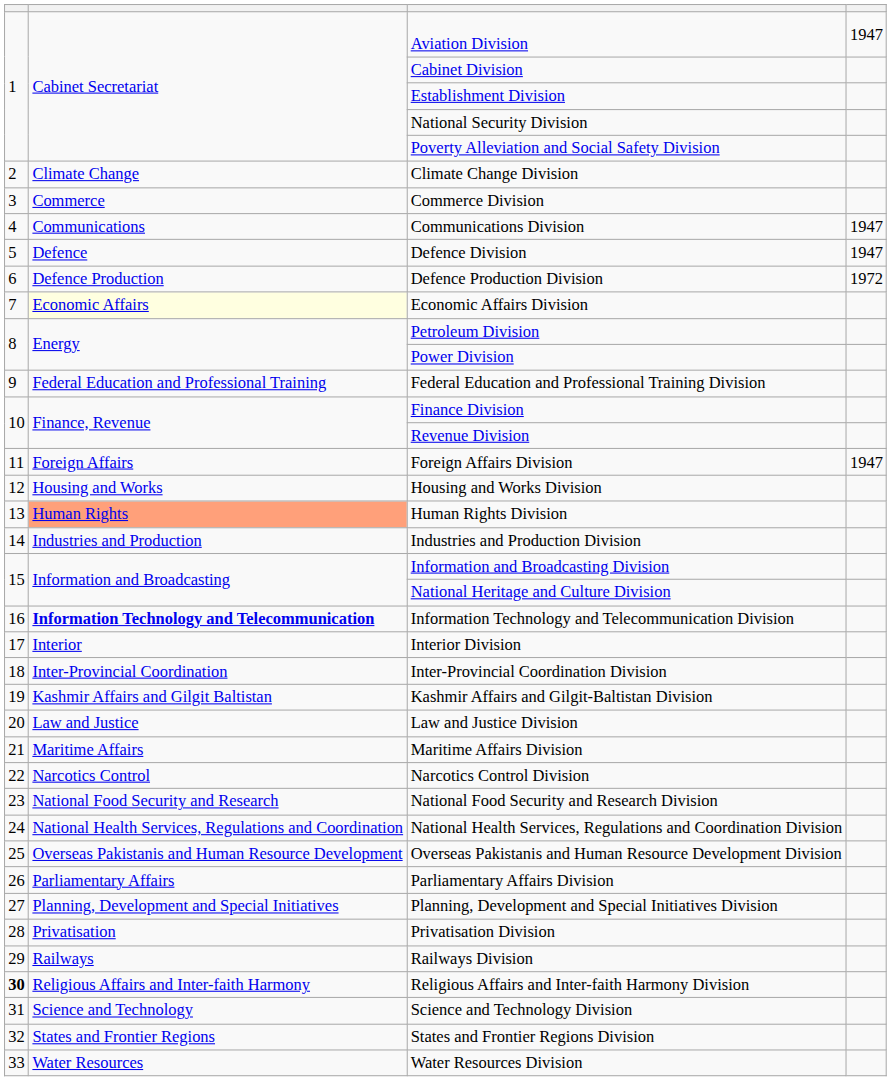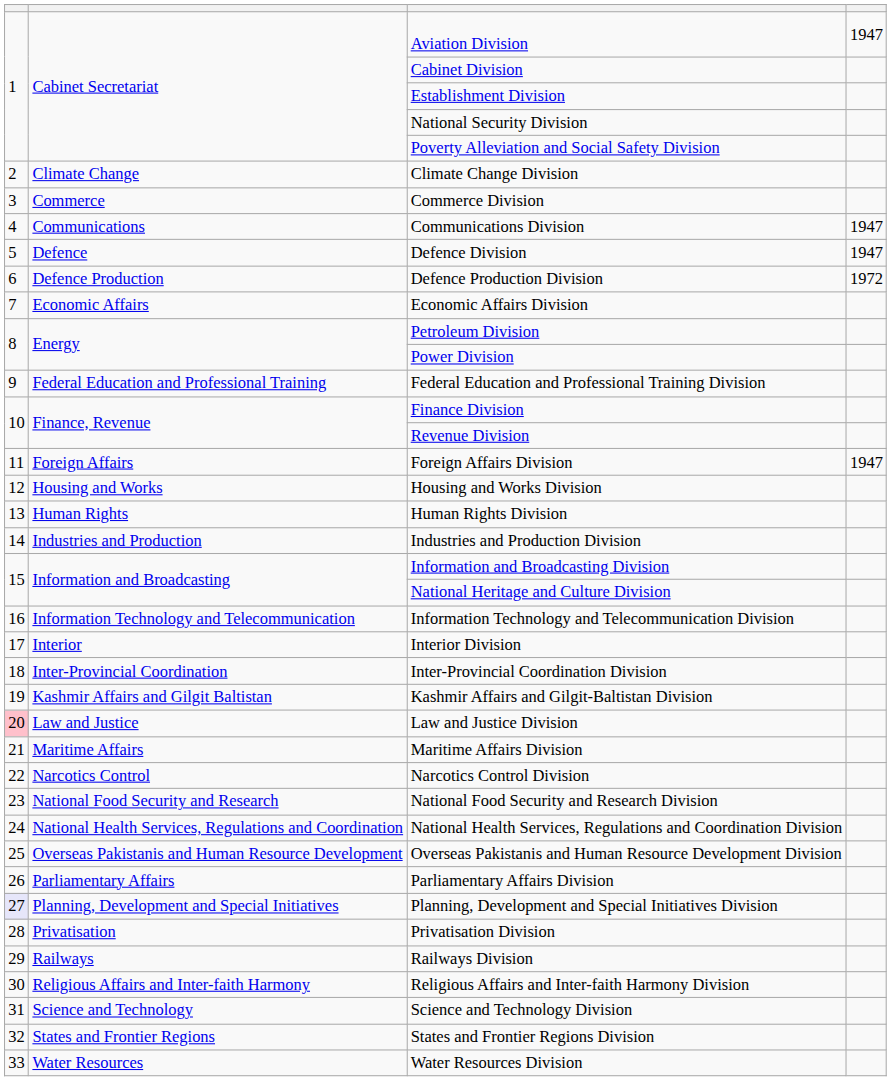 <table class="wikitable sortable mw-collapsible">
 <tr>
 <th></th>
 <th></th>
 <th></th>
 <th></th>
 </tr>
 <tr>
 <td rowspan="5">1</td>
 <td rowspan="5"><a href='#'>Cabinet Secretariat</a></td>
 <td><br><a href='#'>Aviation Division</a></td>
 <td>1947</td>
 </tr>
 <tr>
 <td><a href='#'>Cabinet Division</a></td>
 <td></td>
 </tr>
 <tr>
 <td><a href='#'>Establishment Division</a></td>
 <td></td>
 </tr>
 <tr>
 <td>National Security Division</td>
 <td></td>
 </tr>
 <tr>
 <td><a href='#'>Poverty Alleviation and Social Safety Division</a></td>
 <td></td>
 </tr>
 <tr>
 <td>2</td>
 <td><a href='#'>Climate Change</a></td>
 <td>Climate Change Division</td>
 <td></td>
 </tr>
 <tr>
 <td>3</td>
 <td><a href='#'>Commerce</a></td>
 <td>Commerce Division</td>
 <td></td>
 </tr>
 <tr>
 <td>4</td>
 <td><a href='#'>Communications</a></td>
 <td>Communications Division</td>
 <td>1947</td>
 </tr>
 <tr>
 <td>5</td>
 <td><a href='#'>Defence</a></td>
 <td>Defence Division</td>
 <td>1947</td>
 </tr>
 <tr>
 <td>6</td>
 <td><a href='#'>Defence Production</a></td>
 <td>Defence Production Division</td>
 <td>1972</td>
 </tr>
 <tr>
 <td>7</td>
-<td style="background: lightyellow;"><a href='#'>Economic Affairs</a></td>
+<td><a href='#'>Economic Affairs</a></td>
 <td>Economic Affairs Division</td>
 <td></td>
 </tr>
 <tr>
 <td rowspan="2">8</td>
 <td rowspan="2"><a href='#'>Energy</a></td>
 <td><a href='#'>Petroleum Division</a></td>
 <td></td>
 </tr>
 <tr>
 <td><a href='#'>Power Division</a></td>
 <td></td>
 </tr>
 <tr>
 <td>9</td>
 <td><a href='#'>Federal Education and Professional Training</a></td>
 <td>Federal Education and Professional Training Division</td>
 <td></td>
 </tr>
 <tr>
 <td rowspan="2">10</td>
 <td rowspan="2"><a href='#'>Finance, Revenue</a></td>
 <td><a href='#'>Finance Division</a></td>
 <td></td>
 </tr>
 <tr>
 <td><a href='#'>Revenue Division</a></td>
 <td></td>
 </tr>
 <tr>
 <td>11</td>
 <td><a href='#'>Foreign Affairs</a></td>
 <td>Foreign Affairs Division</td>
 <td>1947</td>
 </tr>
 <tr>
 <td>12</td>
 <td><a href='#'>Housing and Works</a></td>
 <td>Housing and Works Division</td>
 <td></td>
 </tr>
 <tr>
 <td>13</td>
-<td style="background: lightsalmon;"><a href='#'>Human Rights</a></td>
+<td><a href='#'>Human Rights</a></td>
 <td>Human Rights Division</td>
 <td></td>
 </tr>
 <tr>
 <td>14</td>
 <td><a href='#'>Industries and Production</a></td>
 <td>Industries and Production Division</td>
 <td></td>
 </tr>
 <tr>
 <td rowspan="2">15</td>
 <td rowspan="2"><a href='#'>Information and Broadcasting</a></td>
 <td><a href='#'>Information and Broadcasting Division</a></td>
 <td></td>
 </tr>
 <tr>
 <td><a href='#'>National Heritage and Culture Division</a></td>
 <td></td>
 </tr>
 <tr>
 <td>16</td>
-<td><strong><a href='#'>Information Technology and Telecommunication</a></strong></td>
+<td><a href='#'>Information Technology and Telecommunication</a></td>
 <td>Information Technology and Telecommunication Division</td>
 <td></td>
 </tr>
 <tr>
 <td>17</td>
 <td><a href='#'>Interior</a></td>
 <td>Interior Division</td>
 <td></td>
 </tr>
 <tr>
 <td>18</td>
 <td><a href='#'>Inter-Provincial Coordination</a></td>
 <td>Inter-Provincial Coordination Division</td>
 <td></td>
 </tr>
 <tr>
 <td>19</td>
 <td><a href='#'>Kashmir Affairs and Gilgit Baltistan</a></td>
 <td>Kashmir Affairs and Gilgit-Baltistan Division</td>
 <td></td>
 </tr>
 <tr>
-<td>20</td>
+<td style="background: pink;">20</td>
 <td><a href='#'>Law and Justice</a></td>
 <td>Law and Justice Division</td>
 <td></td>
 </tr>
 <tr>
 <td>21</td>
 <td><a href='#'>Maritime Affairs</a></td>
 <td>Maritime Affairs Division</td>
 <td></td>
 </tr>
 <tr>
 <td>22</td>
 <td><a href='#'>Narcotics Control</a></td>
 <td>Narcotics Control Division</td>
 <td></td>
 </tr>
 <tr>
 <td>23</td>
 <td><a href='#'>National Food Security and Research</a></td>
 <td>National Food Security and Research Division</td>
 <td></td>
 </tr>
 <tr>
 <td>24</td>
 <td><a href='#'>National Health Services, Regulations and Coordination</a></td>
 <td>National Health Services, Regulations and Coordination Division</td>
 <td></td>
 </tr>
 <tr>
 <td>25</td>
 <td><a href='#'>Overseas Pakistanis and Human Resource Development</a></td>
 <td>Overseas Pakistanis and Human Resource Development Division</td>
 <td></td>
 </tr>
 <tr>
 <td>26</td>
 <td><a href='#'>Parliamentary Affairs</a></td>
 <td>Parliamentary Affairs Division</td>
 <td></td>
 </tr>
 <tr>
-<td>27</td>
+<td style="background: lavender;">27</td>
 <td><a href='#'>Planning, Development and Special Initiatives</a></td>
 <td>Planning, Development and Special Initiatives Division</td>
 <td></td>
 </tr>
 <tr>
 <td>28</td>
 <td><a href='#'>Privatisation</a></td>
 <td>Privatisation Division</td>
 <td></td>
 </tr>
 <tr>
 <td>29</td>
 <td><a href='#'>Railways</a></td>
 <td>Railways Division</td>
 <td></td>
 </tr>
 <tr>
-<td><strong>30</strong></td>
+<td>30</td>
 <td><a href='#'>Religious Affairs and Inter-faith Harmony</a></td>
 <td>Religious Affairs and Inter-faith Harmony Division</td>
 <td></td>
 </tr>
 <tr>
 <td>31</td>
 <td><a href='#'>Science and Technology</a></td>
 <td>Science and Technology Division</td>
 <td></td>
 </tr>
 <tr>
 <td>32</td>
 <td><a href='#'>States and Frontier Regions</a></td>
 <td>States and Frontier Regions Division</td>
 <td></td>
 </tr>
 <tr>
 <td>33</td>
 <td><a href='#'>Water Resources</a></td>
 <td>Water Resources Division</td>
 <td></td>
 </tr>
 </table>
